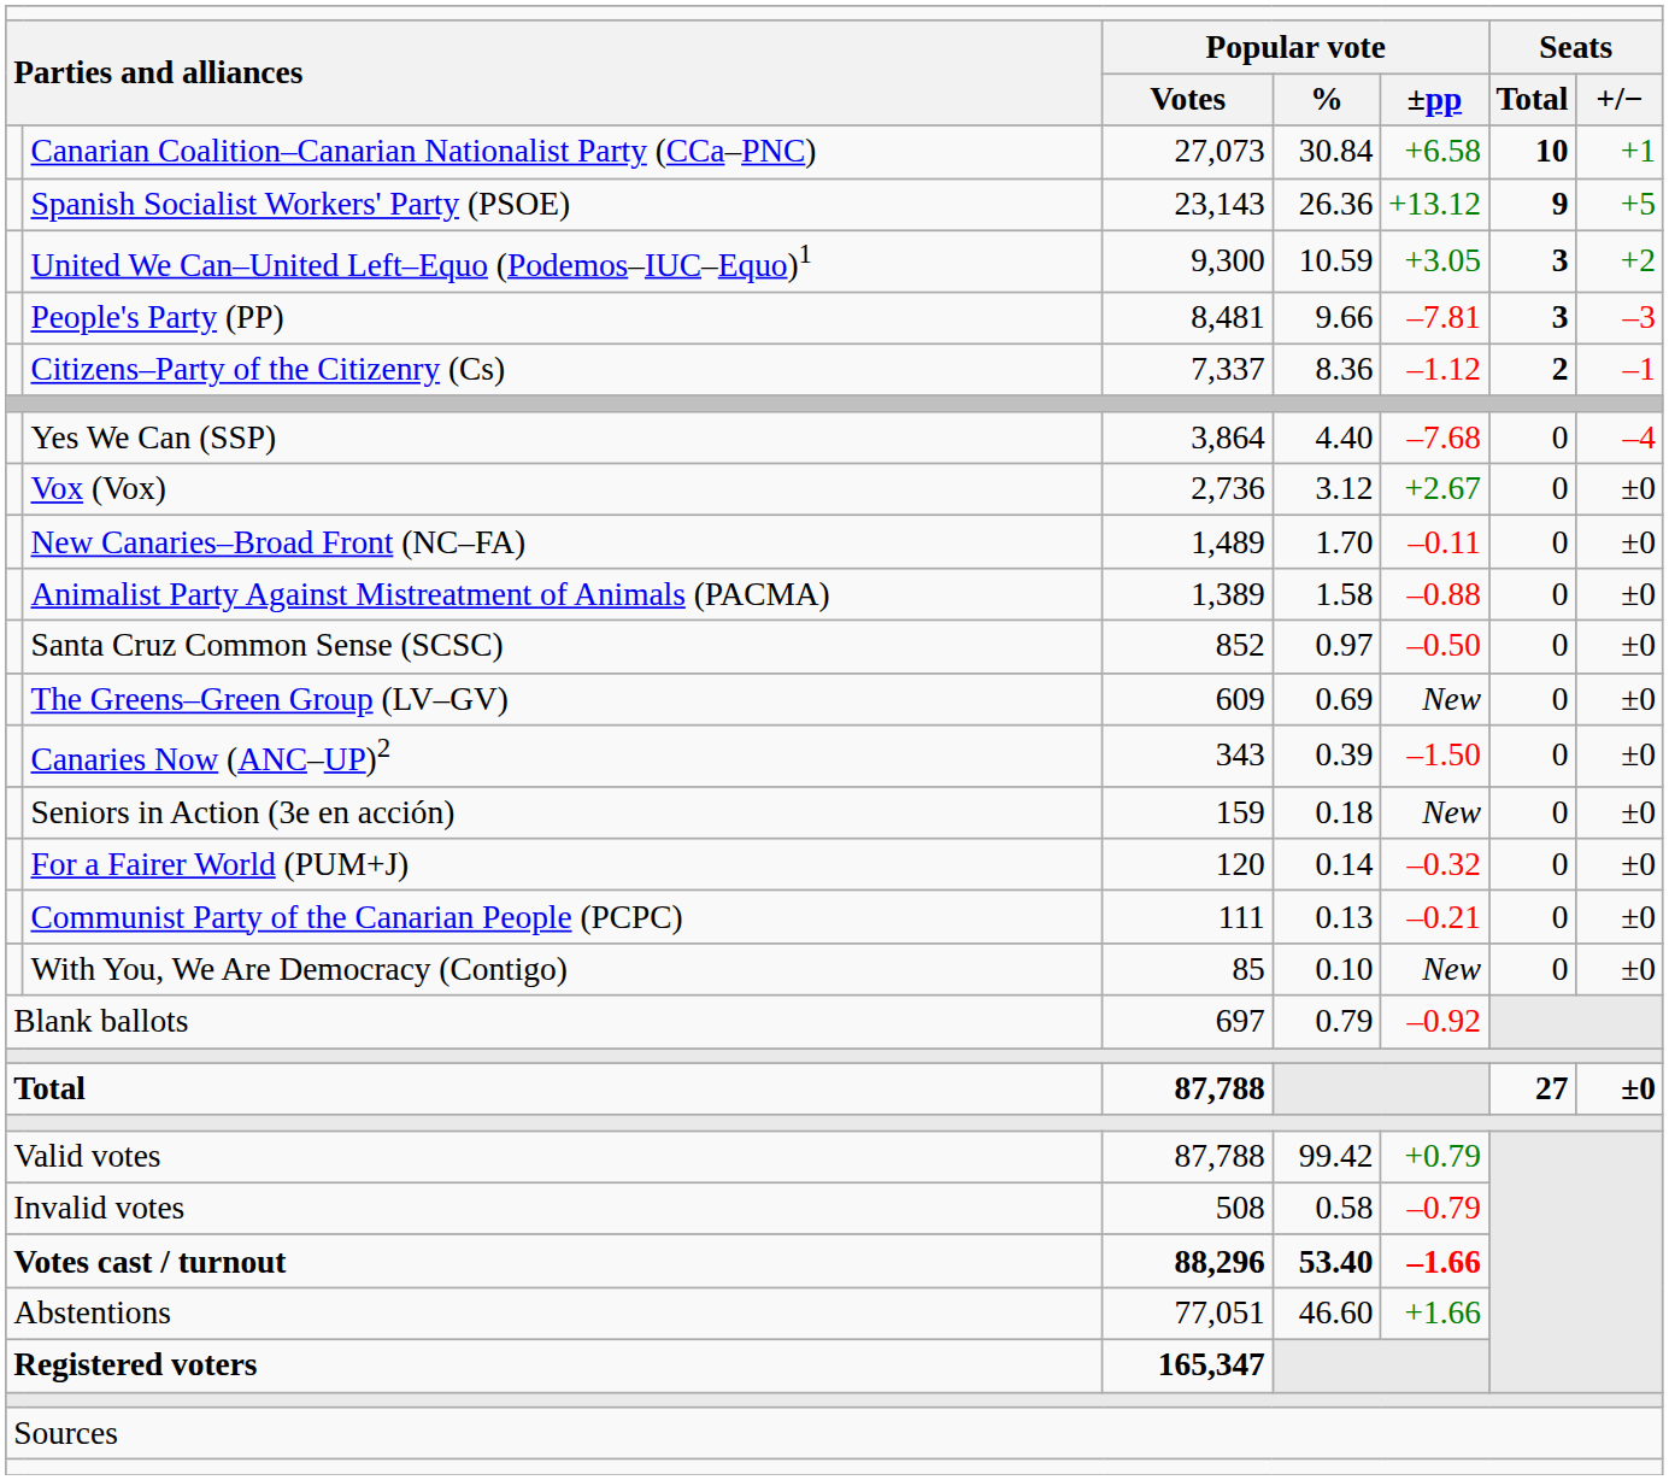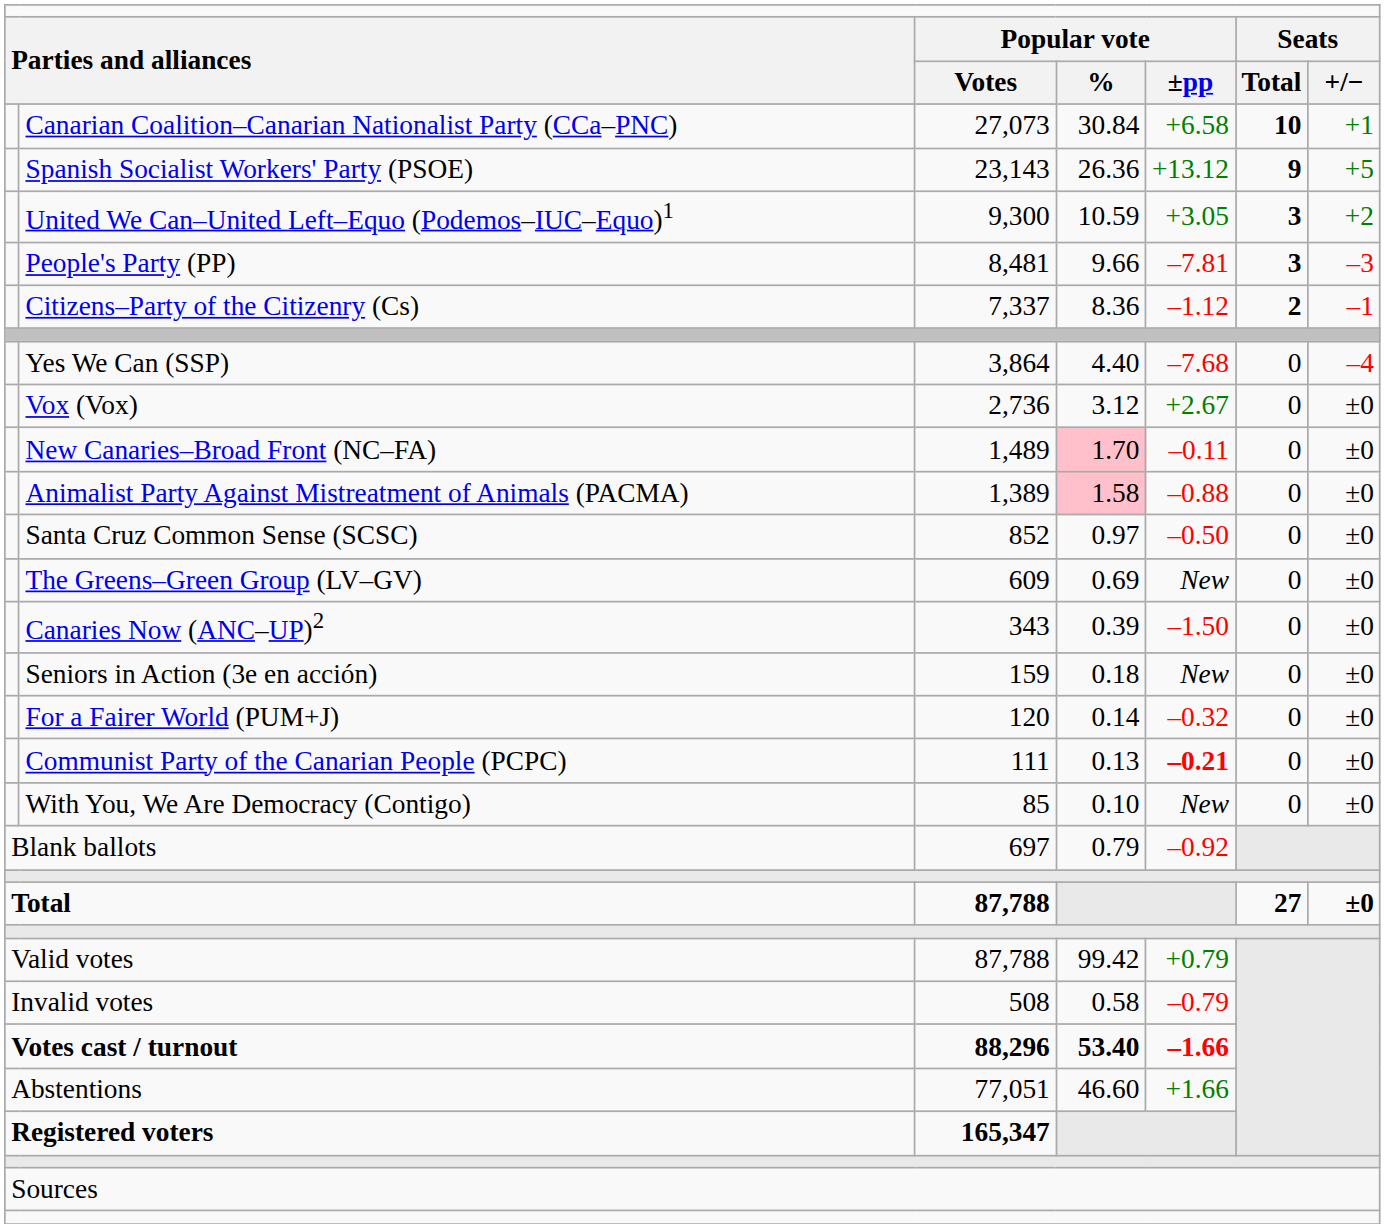 <table class="wikitable" style="text-align:right;">
 <tr>
 <td colspan="7"></td>
 </tr>
 <tr>
 <th style="text-align:left;" rowspan="2" colspan="2" width="525">Parties and alliances</th>
 <th colspan="3">Popular vote</th>
 <th colspan="2">Seats</th>
 </tr>
 <tr>
 <th width="75">Votes</th>
 <th width="45">%</th>
 <th width="45">±<a href='#'>pp</a></th>
 <th width="35">Total</th>
 <th width="35">+/−</th>
 </tr>
 <tr>
 <td width="1" style="color:inherit;background:"></td>
 <td align="left"><a href='#'>Canarian Coalition–Canarian Nationalist Party</a> (<a href='#'>CCa</a>–<a href='#'>PNC</a>)</td>
 <td>27,073</td>
 <td>30.84</td>
 <td style="color:green;">+6.58</td>
 <td><strong>10</strong></td>
 <td style="color:green;">+1</td>
 </tr>
 <tr>
 <td style="color:inherit;background:"></td>
 <td align="left"><a href='#'>Spanish Socialist Workers' Party</a> (PSOE)</td>
 <td>23,143</td>
 <td>26.36</td>
 <td style="color:green;">+13.12</td>
 <td><strong>9</strong></td>
 <td style="color:green;">+5</td>
 </tr>
 <tr>
 <td style="color:inherit;background:"></td>
 <td align="left"><a href='#'>United We Can–United Left–Equo</a> (<a href='#'>Podemos</a>–<a href='#'>IUC</a>–<a href='#'>Equo</a>)<sup>1</sup></td>
 <td>9,300</td>
 <td>10.59</td>
 <td style="color:green;">+3.05</td>
 <td><strong>3</strong></td>
 <td style="color:green;">+2</td>
 </tr>
 <tr>
 <td style="color:inherit;background:"></td>
 <td align="left"><a href='#'>People's Party</a> (PP)</td>
 <td>8,481</td>
 <td>9.66</td>
 <td style="color:red;">–7.81</td>
 <td><strong>3</strong></td>
 <td style="color:red;">–3</td>
 </tr>
 <tr>
 <td style="color:inherit;background:"></td>
 <td align="left"><a href='#'>Citizens–Party of the Citizenry</a> (Cs)</td>
 <td>7,337</td>
 <td>8.36</td>
 <td style="color:red;">–1.12</td>
 <td><strong>2</strong></td>
 <td style="color:red;">–1</td>
 </tr>
 <tr>
 <td colspan="7" bgcolor="#C0C0C0"></td>
 </tr>
 <tr>
 <td style="color:inherit;background:"></td>
 <td align="left">Yes We Can (SSP)</td>
 <td>3,864</td>
 <td>4.40</td>
 <td style="color:red;">–7.68</td>
 <td>0</td>
 <td style="color:red;">–4</td>
 </tr>
 <tr>
 <td style="color:inherit;background:"></td>
 <td align="left"><a href='#'>Vox</a> (Vox)</td>
 <td>2,736</td>
 <td>3.12</td>
 <td style="color:green;">+2.67</td>
 <td>0</td>
 <td>±0</td>
 </tr>
 <tr>
 <td style="color:inherit;background:"></td>
 <td align="left"><a href='#'>New Canaries–Broad Front</a> (NC–FA)</td>
 <td>1,489</td>
-<td>1.70</td>
+<td style="background: pink;">1.70</td>
 <td style="color:red;">–0.11</td>
 <td>0</td>
 <td>±0</td>
 </tr>
 <tr>
 <td style="color:inherit;background:"></td>
 <td align="left"><a href='#'>Animalist Party Against Mistreatment of Animals</a> (PACMA)</td>
 <td>1,389</td>
-<td>1.58</td>
+<td style="background: pink;">1.58</td>
 <td style="color:red;">–0.88</td>
 <td>0</td>
 <td>±0</td>
 </tr>
 <tr>
 <td style="color:inherit;background:"></td>
 <td align="left">Santa Cruz Common Sense (SCSC)</td>
 <td>852</td>
 <td>0.97</td>
 <td style="color:red;">–0.50</td>
 <td>0</td>
 <td>±0</td>
 </tr>
 <tr>
 <td style="color:inherit;background:"></td>
 <td align="left"><a href='#'>The Greens–Green Group</a> (LV–GV)</td>
 <td>609</td>
 <td>0.69</td>
 <td><em>New</em></td>
 <td>0</td>
 <td>±0</td>
 </tr>
 <tr>
 <td style="color:inherit;background:"></td>
 <td align="left"><a href='#'>Canaries Now</a> (<a href='#'>ANC</a>–<a href='#'>UP</a>)<sup>2</sup></td>
 <td>343</td>
 <td>0.39</td>
 <td style="color:red;">–1.50</td>
 <td>0</td>
 <td>±0</td>
 </tr>
 <tr>
 <td style="color:inherit;background:"></td>
 <td align="left">Seniors in Action (3e en acción)</td>
 <td>159</td>
 <td>0.18</td>
 <td><em>New</em></td>
 <td>0</td>
 <td>±0</td>
 </tr>
 <tr>
 <td style="color:inherit;background:"></td>
 <td align="left"><a href='#'>For a Fairer World</a> (PUM+J)</td>
 <td>120</td>
 <td>0.14</td>
 <td style="color:red;">–0.32</td>
 <td>0</td>
 <td>±0</td>
 </tr>
 <tr>
 <td style="color:inherit;background:"></td>
 <td align="left"><a href='#'>Communist Party of the Canarian People</a> (PCPC)</td>
 <td>111</td>
 <td>0.13</td>
-<td style="color:red;">–0.21</td>
+<td style="color:red;"><strong>–0.21</strong></td>
 <td>0</td>
 <td>±0</td>
 </tr>
 <tr>
 <td style="color:inherit;background:"></td>
 <td align="left">With You, We Are Democracy (Contigo)</td>
 <td>85</td>
 <td>0.10</td>
 <td><em>New</em></td>
 <td>0</td>
 <td>±0</td>
 </tr>
 <tr>
 <td align="left" colspan="2">Blank ballots</td>
 <td>697</td>
 <td>0.79</td>
 <td style="color:red;">–0.92</td>
 <td bgcolor="#E9E9E9" colspan="2"></td>
 </tr>
 <tr>
 <td colspan="7" bgcolor="#E9E9E9"></td>
 </tr>
 <tr style="font-weight:bold;">
 <td align="left" colspan="2">Total</td>
 <td>87,788</td>
 <td bgcolor="#E9E9E9" colspan="2"></td>
 <td>27</td>
 <td>±0</td>
 </tr>
 <tr>
 <td colspan="7" bgcolor="#E9E9E9"></td>
 </tr>
 <tr>
 <td align="left" colspan="2">Valid votes</td>
 <td>87,788</td>
 <td>99.42</td>
 <td style="color:green;">+0.79</td>
 <td bgcolor="#E9E9E9" colspan="2" rowspan="5"></td>
 </tr>
 <tr>
 <td align="left" colspan="2">Invalid votes</td>
 <td>508</td>
 <td>0.58</td>
 <td style="color:red;">–0.79</td>
 </tr>
 <tr style="font-weight:bold;">
 <td align="left" colspan="2">Votes cast / turnout</td>
 <td>88,296</td>
 <td>53.40</td>
 <td style="color:red;">–1.66</td>
 </tr>
 <tr>
 <td align="left" colspan="2">Abstentions</td>
 <td>77,051</td>
 <td>46.60</td>
 <td style="color:green;">+1.66</td>
 </tr>
 <tr style="font-weight:bold;">
 <td align="left" colspan="2">Registered voters</td>
 <td>165,347</td>
 <td bgcolor="#E9E9E9" colspan="2"></td>
 </tr>
 <tr>
 <td colspan="7" bgcolor="#E9E9E9"></td>
 </tr>
 <tr>
 <td align="left" colspan="7">Sources</td>
 </tr>
 <tr>
 <td colspan="7" style="text-align:left; max-width:790px;"></td>
 </tr>
 </table>
